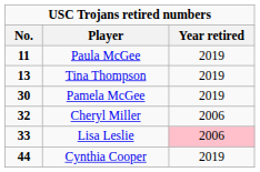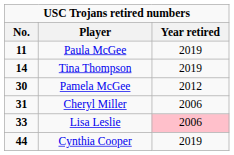 <table class="wikitable sortable" style="text-align:center">
 <tr>
 <td colspan="5"><strong>USC Trojans retired numbers</strong></td>
 </tr>
 <tr>
 <th width=40px>No.</th>
 <th width=150px>Player</th>
 <th width=100px>Year retired</th>
 </tr>
 <tr>
 <td><strong>11</strong></td>
 <td><a href='#'>Paula McGee</a></td>
 <td>2019</td>
 </tr>
 <tr>
-<td><strong>13</strong></td>
+<td><strong>14</strong></td>
 <td><a href='#'>Tina Thompson</a></td>
 <td>2019</td>
 </tr>
 <tr>
 <td><strong>30</strong></td>
 <td><a href='#'>Pamela McGee</a></td>
-<td>2019</td>
+<td>2012</td>
 </tr>
 <tr>
-<td><strong>32</strong></td>
+<td><strong>31</strong></td>
 <td><a href='#'>Cheryl Miller</a></td>
 <td>2006</td>
 </tr>
 <tr>
 <td><strong>33</strong></td>
 <td><a href='#'>Lisa Leslie</a></td>
 <td style="background: pink;">2006</td>
 </tr>
 <tr>
 <td><strong>44</strong></td>
 <td><a href='#'>Cynthia Cooper</a></td>
 <td>2019</td>
 </tr>
 </table>
